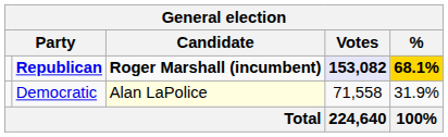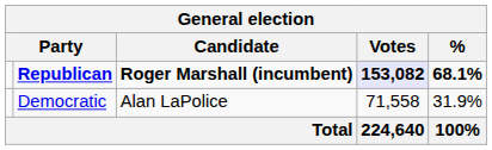 <table class=wikitable>
 <tr>
 <th colspan = 6>General election</th>
 </tr>
 <tr>
 <th colspan=2>Party</th>
 <th>Candidate</th>
 <th>Votes</th>
 <th>%</th>
 </tr>
 <tr>
 <td></td>
 <td><strong><a href='#'>Republican</a></strong></td>
 <td><strong>Roger Marshall</strong> <strong>(incumbent)</strong></td>
 <td align=center style="background: lavender;"><strong>153,082</strong></td>
-<td align=center style="background: gold;"><strong>68.1%</strong></td>
+<td align=center><strong>68.1%</strong></td>
 </tr>
 <tr>
 <td></td>
 <td><a href='#'>Democratic</a></td>
-<td style="background: lightyellow;">Alan LaPolice</td>
+<td>Alan LaPolice</td>
 <td align=center>71,558</td>
 <td align=center>31.9%</td>
 </tr>
 <tr>
 <th colspan=3; style="text-align:right;">Total</th>
 <th align=center><strong>224,640</strong></th>
 <th align=center><strong>100%</strong></th>
 </tr>
 </table>
